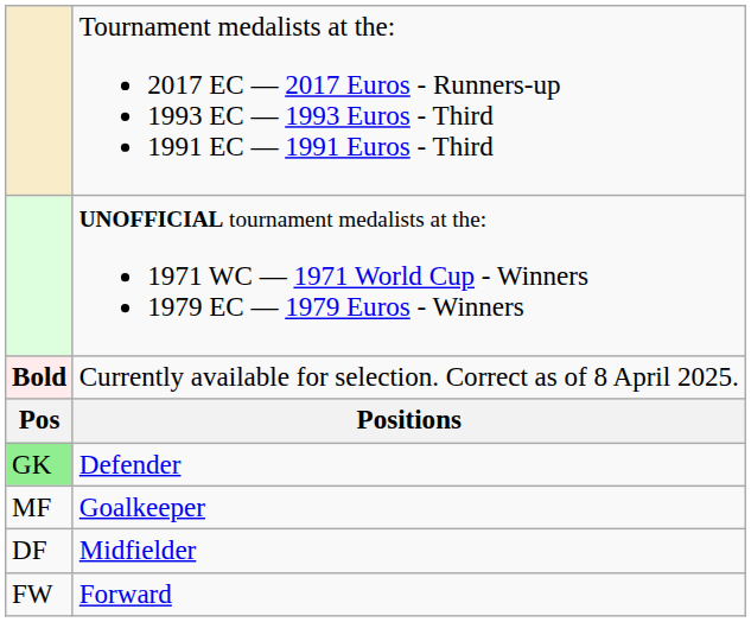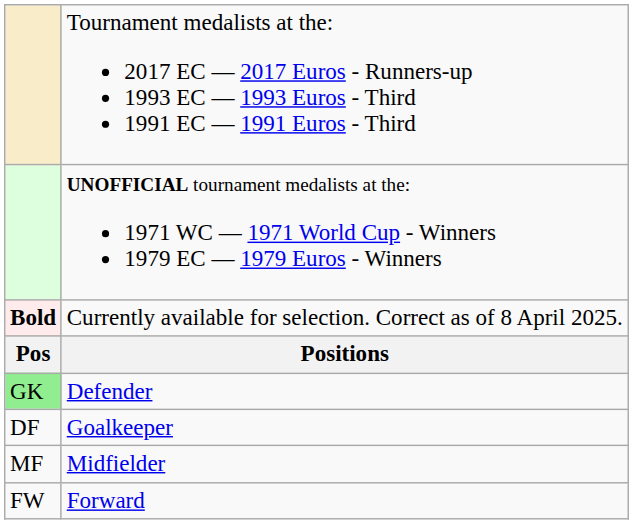 <table class="wikitable">
 <tr>
 <td style="background-color:#F9ECC8"></td>
 <td>Tournament medalists at the:<br><ul><li>2017 EC — <a href='#'>2017 Euros</a> -  Runners-up</li><li>1993 EC — <a href='#'>1993 Euros</a> -  Third</li><li>1991 EC — <a href='#'>1991 Euros</a> -  Third</li></ul></td>
 </tr>
 <tr>
 <td style="background-color:#DDFFDD"></td>
 <td><small><strong>UNOFFICIAL</strong> tournament medalists at the:</small><br><ul><li>1971 WC — <a href='#'>1971 World Cup</a> -  Winners</li><li>1979 EC — <a href='#'>1979 Euros</a> -  Winners</li></ul></td>
 </tr>
 <tr>
 <td style="background-color:#FFEBEB"><strong>Bold</strong></td>
 <td>Currently available for selection. Correct as of 8 April 2025.</td>
 </tr>
 <tr>
 <th>Pos</th>
 <th style="align: left">Positions</th>
 </tr>
 <tr>
 <td style="background: lightgreen;">GK</td>
 <td><a href='#'>Defender</a></td>
 </tr>
 <tr>
-<td>MF</td>
+<td>DF</td>
 <td><a href='#'>Goalkeeper</a></td>
 </tr>
 <tr>
-<td>DF</td>
+<td>MF</td>
 <td><a href='#'>Midfielder</a></td>
 </tr>
 <tr>
 <td>FW</td>
 <td><a href='#'>Forward</a></td>
 </tr>
 </table>
